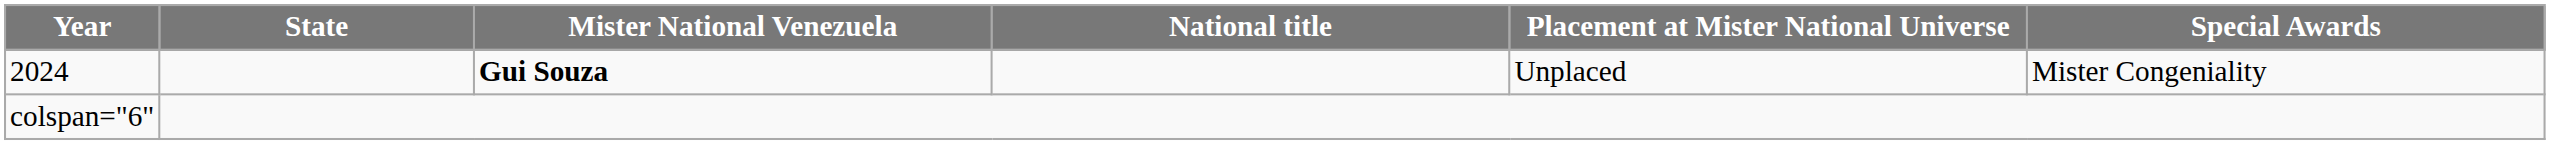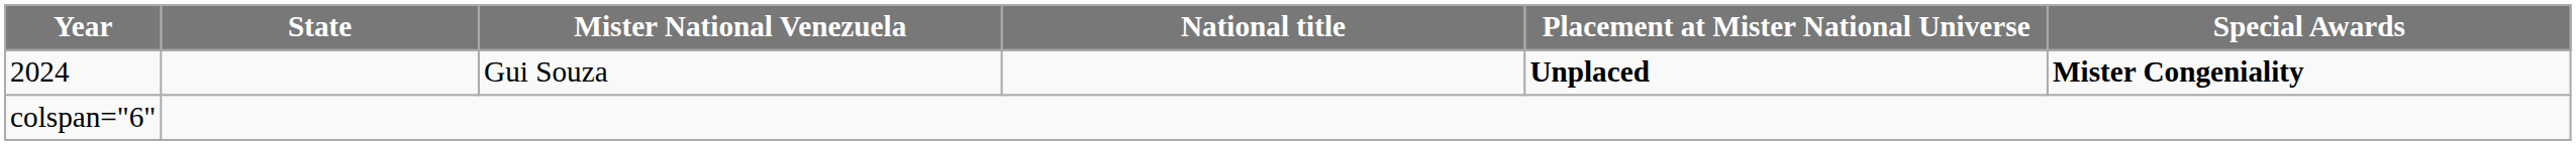 <table class="sortable" border="5" cellpadding="2" cellspacing="0" align=" 0 1em 0 0" style="background: #f9f9f9; border: 1px #aaa solid; border-collapse: collapse; font-size: 90%">
 <tr>
 <th width="60" style="background-color:#787878;color:#FFFFFF;">Year</th>
 <th width="150" style="background-color:#787878;color:#FFFFFF;">State</th>
 <th width="250" style="background-color:#787878;color:#FFFFFF;">Mister National Venezuela</th>
 <th width="250" style="background-color:#787878;color:#FFFFFF;">National title</th>
 <th width="250" style="background-color:#787878;color:#FFFFFF;">Placement at Mister National Universe</th>
 <th width="250" style="background-color:#787878;color:#FFFFFF;">Special Awards</th>
 </tr>
 <tr>
 <td>2024</td>
 <td></td>
-<td><strong>Gui Souza</strong></td>
+<td>Gui Souza</td>
 <td></td>
-<td>Unplaced</td>
-<td>Mister Congeniality</td>
+<td><strong>Unplaced</strong></td>
+<td><strong>Mister Congeniality</strong></td>
 </tr>
 <tr>
 <td>colspan="6" </td>
 </tr>
 </table>
